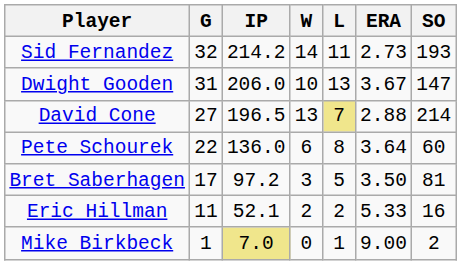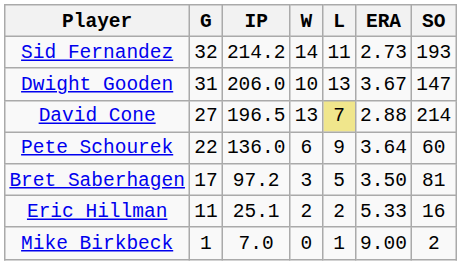 <table class="wikitable sortable">
 <tr>
 <th>Player</th>
 <th>G</th>
 <th>IP</th>
 <th>W</th>
 <th>L</th>
 <th>ERA</th>
 <th>SO</th>
 </tr>
 <tr align="center">
 <td><a href='#'>Sid Fernandez</a></td>
 <td>32</td>
 <td>214.2</td>
 <td>14</td>
 <td>11</td>
 <td>2.73</td>
 <td>193</td>
 </tr>
 <tr align=center>
 <td><a href='#'>Dwight Gooden</a></td>
 <td>31</td>
 <td>206.0</td>
 <td>10</td>
 <td>13</td>
 <td>3.67</td>
 <td>147</td>
 </tr>
 <tr align=center>
 <td><a href='#'>David Cone</a></td>
 <td>27</td>
 <td>196.5</td>
 <td>13</td>
 <td style="background: khaki;">7</td>
 <td>2.88</td>
 <td>214</td>
 </tr>
 <tr align=center>
 <td><a href='#'>Pete Schourek</a></td>
 <td>22</td>
 <td>136.0</td>
 <td>6</td>
-<td>8</td>
+<td>9</td>
 <td>3.64</td>
 <td>60</td>
 </tr>
 <tr align=center>
 <td><a href='#'>Bret Saberhagen</a></td>
 <td>17</td>
 <td>97.2</td>
 <td>3</td>
 <td>5</td>
 <td>3.50</td>
 <td>81</td>
 </tr>
 <tr align=center>
 <td><a href='#'>Eric Hillman</a></td>
 <td>11</td>
-<td>52.1</td>
+<td>25.1</td>
 <td>2</td>
 <td>2</td>
 <td>5.33</td>
 <td>16</td>
 </tr>
 <tr align=center>
 <td><a href='#'>Mike Birkbeck</a></td>
 <td>1</td>
-<td style="background: khaki;">7.0</td>
+<td>7.0</td>
 <td>0</td>
 <td>1</td>
 <td>9.00</td>
 <td>2</td>
 </tr>
 </table>
